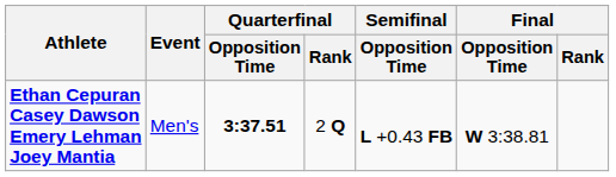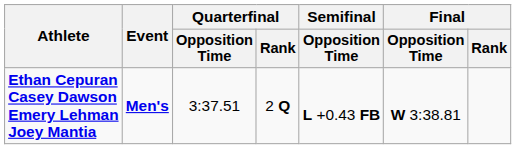 <table class=wikitable style=font-size:90%;text-align:center>
 <tr>
 <th rowspan=2>Athlete</th>
 <th rowspan=2>Event</th>
 <th colspan=2>Quarterfinal</th>
 <th>Semifinal</th>
 <th colspan=2>Final</th>
 </tr>
 <tr style=font-size:95%>
 <th>Opposition<br>Time</th>
 <th>Rank</th>
 <th>Opposition<br>Time</th>
 <th>Opposition<br>Time</th>
 <th>Rank</th>
 </tr>
 <tr>
 <td align=left><strong><a href='#'>Ethan Cepuran</a><br><a href='#'>Casey Dawson</a><br><a href='#'>Emery Lehman</a><br><a href='#'>Joey Mantia</a></strong></td>
-<td align=left><a href='#'>Men's</a></td>
-<td><strong>3:37.51</strong></td>
+<td align=left><strong><a href='#'>Men's</a></strong></td>
+<td>3:37.51</td>
 <td>2 <strong>Q</strong></td>
 <td><br><strong>L</strong> +0.43 <strong>FB</strong></td>
 <td><br><strong>W</strong> 3:38.81</td>
 <td></td>
 </tr>
 </table>
